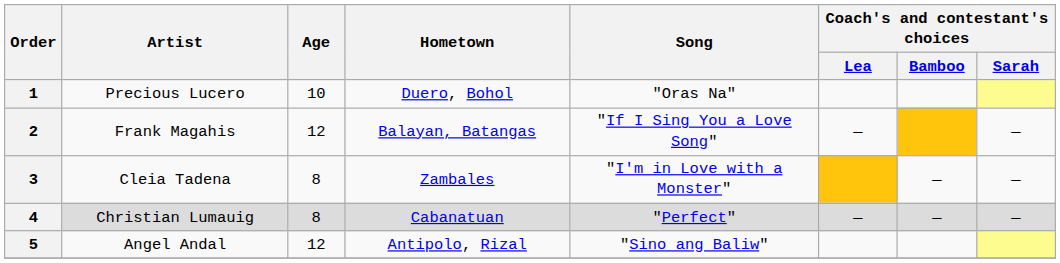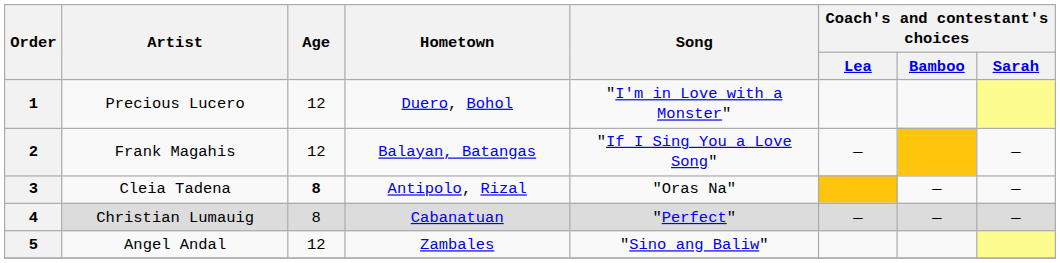 <table class="wikitable" style="text-align:center; line-height:17px; width:100%;">
 <tr>
 <th rowspan="2" scope="col" width="05%">Order</th>
 <th rowspan="2" scope="col" width="20%">Artist</th>
 <th rowspan="2" scope="col" width="05%">Age</th>
 <th rowspan="2" scope="col" width="20%">Hometown</th>
 <th rowspan="2" scope="col" width="22%">Song</th>
 <th colspan="3" scope="col" width="28%">Coach's and contestant's choices</th>
 </tr>
 <tr>
 <th width="07%"><a href='#'>Lea</a></th>
 <th width="07%"><a href='#'>Bamboo</a></th>
 <th width="07%"><a href='#'>Sarah</a></th>
 </tr>
 <tr>
 <th>1</th>
 <td>Precious Lucero</td>
-<td>10</td>
+<td>12</td>
 <td><a href='#'>Duero</a>, <a href='#'>Bohol</a></td>
-<td>"Oras Na"</td>
+<td>"<a href='#'>I'm in Love with a Monster</a>"</td>
 <td><strong></strong></td>
 <td><strong></strong></td>
 <td style="background:#fdfc8f;"><strong></strong></td>
 </tr>
 <tr>
 <th>2</th>
 <td>Frank Magahis</td>
 <td>12</td>
 <td><a href='#'>Balayan, Batangas</a></td>
 <td>"<a href='#'>If I Sing You a Love Song</a>"</td>
 <td>—</td>
 <td style="background:#FFC40C;"><strong></strong></td>
 <td>—</td>
 </tr>
 <tr>
 <th>3</th>
 <td>Cleia Tadena</td>
-<td>8</td>
-<td><a href='#'>Zambales</a></td>
-<td>"<a href='#'>I'm in Love with a Monster</a>"</td>
+<td><strong>8</strong></td>
+<td><a href='#'>Antipolo</a>, <a href='#'>Rizal</a></td>
+<td>"Oras Na"</td>
 <td style="background:#FFC40C;"><strong></strong></td>
 <td>—</td>
 <td>—</td>
 </tr>
 <tr>
 <th>4</th>
 <td style="background:#DCDCDC;">Christian Lumauig</td>
 <td style="background:#DCDCDC;">8</td>
 <td style="background:#DCDCDC;"><a href='#'>Cabanatuan</a></td>
 <td style="background:#DCDCDC;">"<a href='#'>Perfect</a>"</td>
 <td style="background:#DCDCDC;">—</td>
 <td style="background:#DCDCDC;">—</td>
 <td style="background:#DCDCDC;">—</td>
 </tr>
 <tr>
 <th>5</th>
 <td>Angel Andal</td>
 <td>12</td>
-<td><a href='#'>Antipolo</a>, <a href='#'>Rizal</a></td>
+<td><a href='#'>Zambales</a></td>
 <td>"<a href='#'>Sino ang Baliw</a>"</td>
 <td><strong></strong></td>
 <td><strong></strong></td>
 <td style="background:#fdfc8f;"><strong></strong></td>
 </tr>
 <tr>
 </tr>
 </table>
